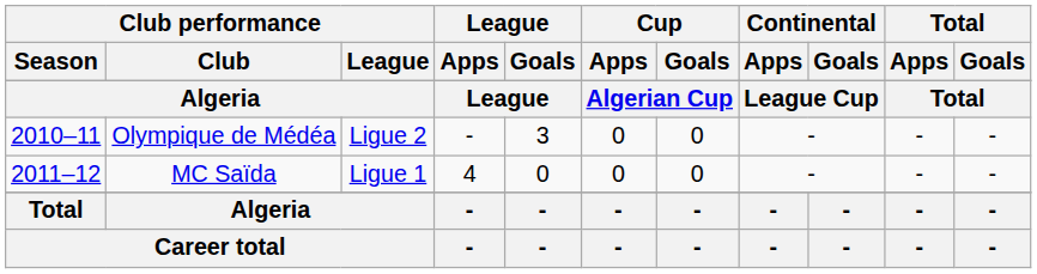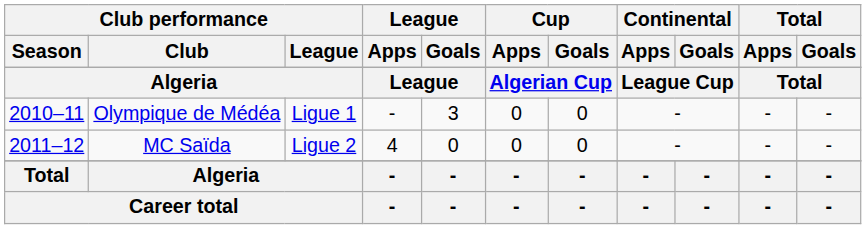 <table class="wikitable" style="text-align:center">
 <tr>
 <th colspan=3>Club performance</th>
 <th colspan=2>League</th>
 <th colspan=2>Cup</th>
 <th colspan=2>Continental</th>
 <th colspan=2>Total</th>
 </tr>
 <tr>
 <th>Season</th>
 <th>Club</th>
 <th>League</th>
 <th>Apps</th>
 <th>Goals</th>
 <th>Apps</th>
 <th>Goals</th>
 <th>Apps</th>
 <th>Goals</th>
 <th>Apps</th>
 <th>Goals</th>
 </tr>
 <tr>
 </tr>
 <tr>
 <th colspan=3>Algeria</th>
 <th colspan=2>League</th>
 <th colspan=2><a href='#'>Algerian Cup</a></th>
 <th colspan=2>League Cup</th>
 <th colspan=2>Total</th>
 </tr>
 <tr>
 <td><a href='#'>2010–11</a></td>
 <td rowspan="1"><a href='#'>Olympique de Médéa</a></td>
-<td rowspan="1"><a href='#'>Ligue 2</a></td>
+<td rowspan="1"><a href='#'>Ligue 1</a></td>
 <td>-</td>
 <td>3</td>
 <td>0</td>
 <td>0</td>
 <td colspan="2">-</td>
 <td>-</td>
 <td>-</td>
 </tr>
 <tr>
 <td><a href='#'>2011–12</a></td>
 <td rowspan="1"><a href='#'>MC Saïda</a></td>
-<td rowspan="1"><a href='#'>Ligue 1</a></td>
+<td rowspan="1"><a href='#'>Ligue 2</a></td>
 <td>4</td>
 <td>0</td>
 <td>0</td>
 <td>0</td>
 <td colspan="2">-</td>
 <td>-</td>
 <td>-</td>
 </tr>
 <tr>
 </tr>
 <tr>
 <th rowspan=1>Total</th>
 <th colspan=2>Algeria</th>
 <th>-</th>
 <th>-</th>
 <th>-</th>
 <th>-</th>
 <th>-</th>
 <th>-</th>
 <th>-</th>
 <th>-</th>
 </tr>
 <tr>
 <th colspan=3>Career total</th>
 <th>-</th>
 <th>-</th>
 <th>-</th>
 <th>-</th>
 <th>-</th>
 <th>-</th>
 <th>-</th>
 <th>-</th>
 </tr>
 </table>
